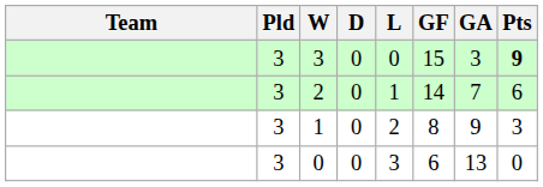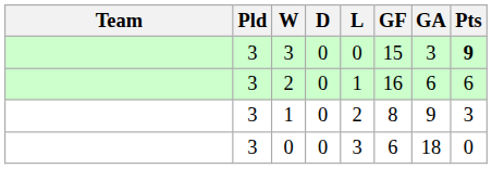 <table class="wikitable" style="text-align: center;">
 <tr>
 <th width="175">Team</th>
 <th width="20">Pld</th>
 <th width="20">W</th>
 <th width="20">D</th>
 <th width="20">L</th>
 <th width="20">GF</th>
 <th width="20">GA</th>
 <th width="20">Pts</th>
 </tr>
 <tr bgcolor="#ccffcc">
 <td style="text-align:left;"></td>
 <td>3</td>
 <td>3</td>
 <td>0</td>
 <td>0</td>
 <td>15</td>
 <td>3</td>
 <td><strong>9</strong></td>
 </tr>
 <tr align=center style="background:#ccffcc;">
 <td style="text-align:left;"></td>
 <td>3</td>
 <td>2</td>
 <td>0</td>
 <td>1</td>
-<td>14</td>
-<td>7</td>
+<td>16</td>
+<td>6</td>
 <td>6</td>
 </tr>
 <tr align=center style="background:#ffffff;">
 <td style="text-align:left;"></td>
 <td>3</td>
 <td>1</td>
 <td>0</td>
 <td>2</td>
 <td>8</td>
 <td>9</td>
 <td>3</td>
 </tr>
 <tr align=center style="background:#ffffff;">
 <td style="text-align:left;"></td>
 <td>3</td>
 <td>0</td>
 <td>0</td>
 <td>3</td>
 <td>6</td>
-<td>13</td>
+<td>18</td>
 <td>0</td>
 </tr>
 </table>
